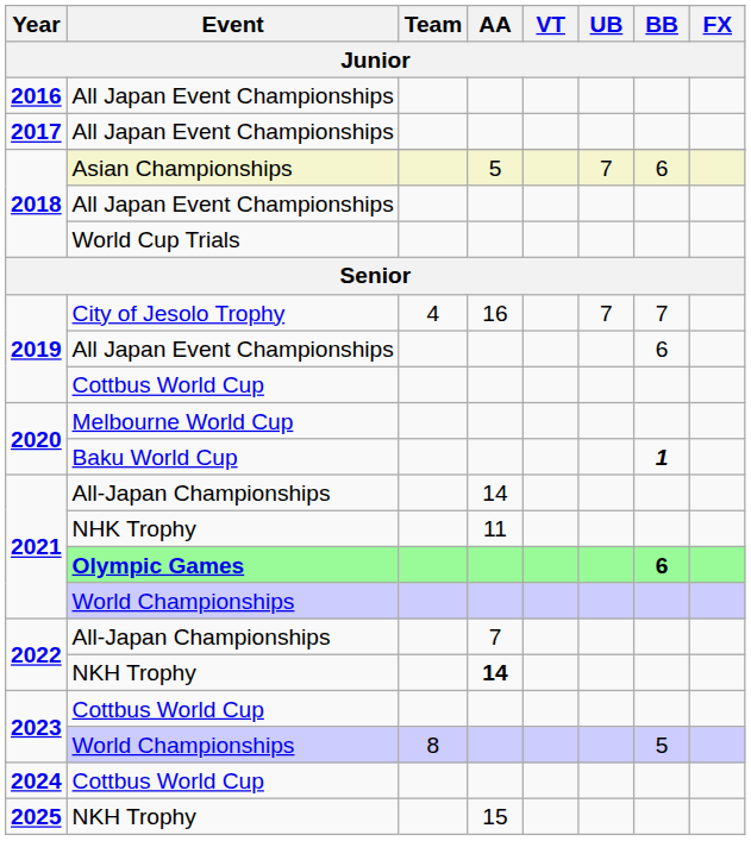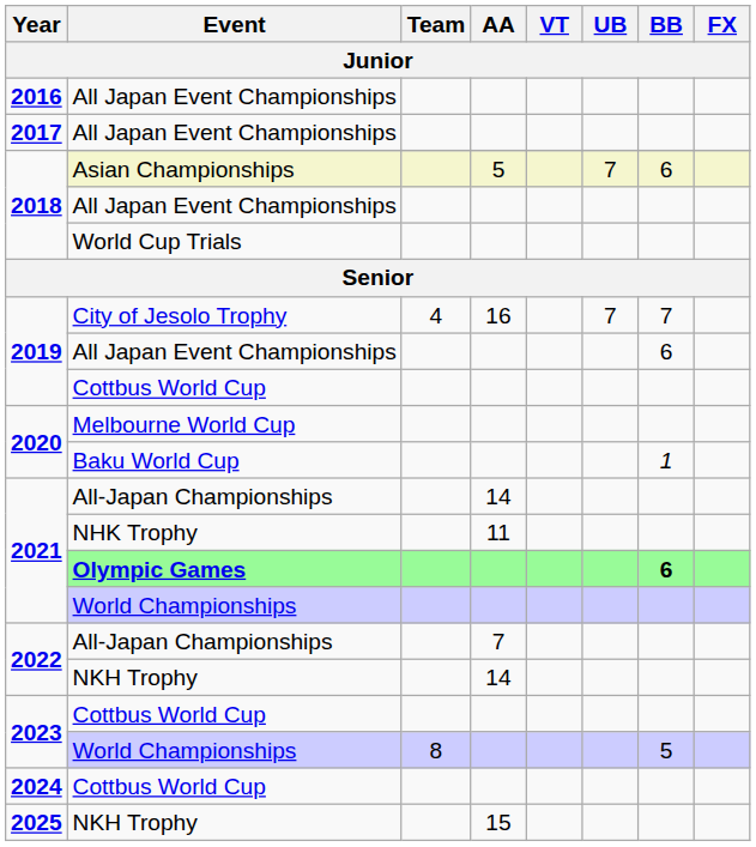 <table class="wikitable" style="text-align:center; font-size:95%;">
 <tr>
 <th align=center>Year</th>
 <th align=center>Event</th>
 <th style="width:30px;">Team</th>
 <th style="width:30px;">AA</th>
 <th style="width:30px;"><a href='#'>VT</a></th>
 <th style="width:30px;"><a href='#'>UB</a></th>
 <th style="width:30px;"><a href='#'>BB</a></th>
 <th style="width:30px;"><a href='#'>FX</a></th>
 </tr>
 <tr>
 <th colspan="8"><strong>Junior</strong></th>
 </tr>
 <tr>
 <td rowspan="1"><strong><a href='#'>2016</a></strong></td>
 <td align=left>All Japan Event Championships</td>
 <td></td>
 <td></td>
 <td></td>
 <td></td>
 <td></td>
 <td></td>
 </tr>
 <tr>
 <td rowspan="1"><strong><a href='#'>2017</a></strong></td>
 <td align=left>All Japan Event Championships</td>
 <td></td>
 <td></td>
 <td></td>
 <td></td>
 <td></td>
 <td></td>
 </tr>
 <tr>
 <td rowspan="4"><strong><a href='#'>2018</a></strong></td>
 </tr>
 <tr bgcolor=#F5F6CE>
 <td align=left>Asian Championships</td>
 <td></td>
 <td>5</td>
 <td></td>
 <td>7</td>
 <td>6</td>
 <td></td>
 </tr>
 <tr>
 <td align=left>All Japan Event Championships</td>
 <td></td>
 <td></td>
 <td></td>
 <td></td>
 <td></td>
 <td></td>
 </tr>
 <tr>
 <td align=left>World Cup Trials</td>
 <td></td>
 <td></td>
 <td></td>
 <td></td>
 <td></td>
 <td></td>
 </tr>
 <tr>
 <th colspan="8"><strong>Senior</strong></th>
 </tr>
 <tr>
 <td rowspan="3"><strong><a href='#'>2019</a></strong></td>
 <td align=left><a href='#'>City of Jesolo Trophy</a></td>
 <td>4</td>
 <td>16</td>
 <td></td>
 <td>7</td>
 <td>7</td>
 <td></td>
 </tr>
 <tr>
 <td align=left>All Japan Event Championships</td>
 <td></td>
 <td></td>
 <td></td>
 <td></td>
 <td>6</td>
 <td></td>
 </tr>
 <tr>
 <td align=left><a href='#'>Cottbus World Cup</a></td>
 <td></td>
 <td></td>
 <td></td>
 <td></td>
 <td></td>
 <td></td>
 </tr>
 <tr>
 <td rowspan="2"><strong><a href='#'>2020</a></strong></td>
 <td align=left><a href='#'>Melbourne World Cup</a></td>
 <td></td>
 <td></td>
 <td></td>
 <td></td>
 <td></td>
 <td></td>
 </tr>
 <tr>
 <td align=left><a href='#'>Baku World Cup</a></td>
 <td></td>
 <td></td>
 <td></td>
 <td></td>
-<td><strong><em>1</em></strong></td>
+<td><em>1</em></td>
 <td></td>
 </tr>
 <tr>
 <td rowspan="4"><strong><a href='#'>2021</a></strong></td>
 <td align=left>All-Japan Championships</td>
 <td></td>
 <td>14</td>
 <td></td>
 <td></td>
 <td></td>
 <td></td>
 </tr>
 <tr>
 <td align=left>NHK Trophy</td>
 <td></td>
 <td>11</td>
 <td></td>
 <td></td>
 <td></td>
 <td></td>
 </tr>
 <tr bgcolor=98FB98>
 <td align=left><strong><a href='#'>Olympic Games</a></strong></td>
 <td></td>
 <td></td>
 <td></td>
 <td></td>
 <td><strong>6</strong></td>
 <td></td>
 </tr>
 <tr bgcolor=#CCCCFF>
 <td align=left><a href='#'>World Championships</a></td>
 <td></td>
 <td></td>
 <td></td>
 <td></td>
 <td></td>
 <td></td>
 </tr>
 <tr>
 <td rowspan="2"><strong><a href='#'>2022</a></strong></td>
 <td align=left>All-Japan Championships</td>
 <td></td>
 <td>7</td>
 <td></td>
 <td></td>
 <td></td>
 <td></td>
 </tr>
 <tr>
 <td align=left>NKH Trophy</td>
 <td></td>
-<td><strong>14</strong></td>
+<td>14</td>
 <td></td>
 <td></td>
 <td></td>
 <td></td>
 </tr>
 <tr>
 <td rowspan="2"><strong><a href='#'>2023</a></strong></td>
 <td align=left><a href='#'>Cottbus World Cup</a></td>
 <td></td>
 <td></td>
 <td></td>
 <td></td>
 <td></td>
 <td></td>
 </tr>
 <tr bgcolor=#CCCCFF>
 <td align=left><a href='#'>World Championships</a></td>
 <td>8</td>
 <td></td>
 <td></td>
 <td></td>
 <td>5</td>
 <td></td>
 </tr>
 <tr>
 <td rowspan="1"><strong><a href='#'>2024</a></strong></td>
 <td align=left><a href='#'>Cottbus World Cup</a></td>
 <td></td>
 <td></td>
 <td></td>
 <td></td>
 <td></td>
 <td></td>
 </tr>
 <tr>
 <td rowspan="1"><strong><a href='#'>2025</a></strong></td>
 <td align=left>NKH Trophy</td>
 <td></td>
 <td>15</td>
 <td></td>
 <td></td>
 <td></td>
 <td></td>
 </tr>
 </table>
